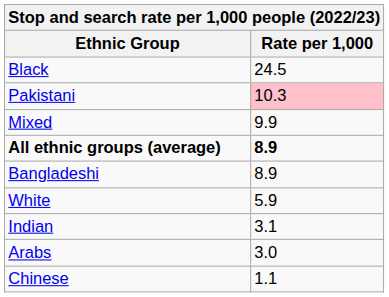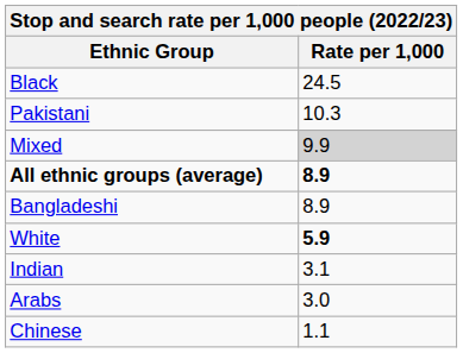 <table class="wikitable sortable">
 <tr>
 <th colspan="3">Stop and search rate per 1,000 people (2022/23)</th>
 </tr>
 <tr>
 <th>Ethnic Group</th>
 <th>Rate per 1,000</th>
 </tr>
 <tr>
 <td><a href='#'>Black</a></td>
 <td>24.5</td>
 </tr>
 <tr>
 <td><a href='#'>Pakistani</a></td>
-<td style="background: pink;">10.3</td>
+<td>10.3</td>
 </tr>
 <tr>
 <td><a href='#'>Mixed</a></td>
-<td>9.9</td>
+<td style="background: lightgrey;">9.9</td>
 </tr>
 <tr>
 <td><strong>All ethnic groups (average)</strong></td>
 <td><strong>8.9</strong></td>
 </tr>
 <tr>
 <td><a href='#'>Bangladeshi</a></td>
 <td>8.9</td>
 </tr>
 <tr>
 <td><a href='#'>White</a></td>
-<td>5.9</td>
+<td><strong>5.9</strong></td>
 </tr>
 <tr>
 <td><a href='#'>Indian</a></td>
 <td>3.1</td>
 </tr>
 <tr>
 <td><a href='#'>Arabs</a></td>
 <td>3.0</td>
 </tr>
 <tr>
 <td><a href='#'>Chinese</a></td>
 <td>1.1</td>
 </tr>
 </table>
